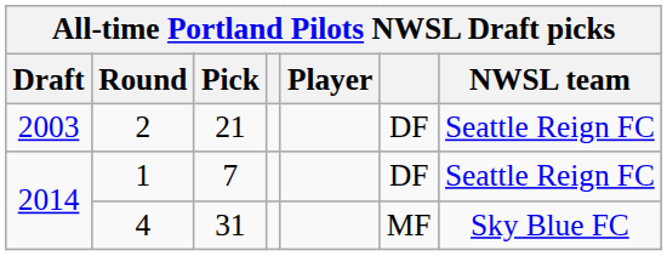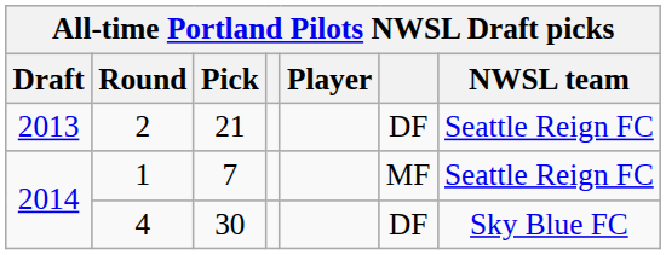 <table class="wikitable sortable" style="text-align: center;">
 <tr>
 <th colspan="7" style="background:#">All-time <a href='#'><span>Portland Pilots</span></a> NWSL Draft picks</th>
 </tr>
 <tr>
 <th scope="col">Draft</th>
 <th scope="col">Round</th>
 <th scope="col">Pick</th>
 <th scope="col"></th>
 <th scope="col">Player</th>
 <th scope="col"></th>
 <th scope="col">NWSL team</th>
 </tr>
 <tr>
-<td><a href='#'>2003</a></td>
+<td><a href='#'>2013</a></td>
 <td>2</td>
 <td>21</td>
 <td></td>
 <td></td>
 <td>DF</td>
 <td><a href='#'>Seattle Reign FC</a></td>
 </tr>
 <tr>
 <td rowspan="2"><a href='#'>2014</a></td>
 <td>1</td>
 <td>7</td>
 <td></td>
 <td></td>
-<td>DF</td>
+<td>MF</td>
 <td><a href='#'>Seattle Reign FC</a></td>
 </tr>
 <tr>
 <td>4</td>
-<td>31</td>
+<td>30</td>
 <td></td>
 <td></td>
-<td>MF</td>
+<td>DF</td>
 <td><a href='#'>Sky Blue FC</a></td>
 </tr>
 </table>
